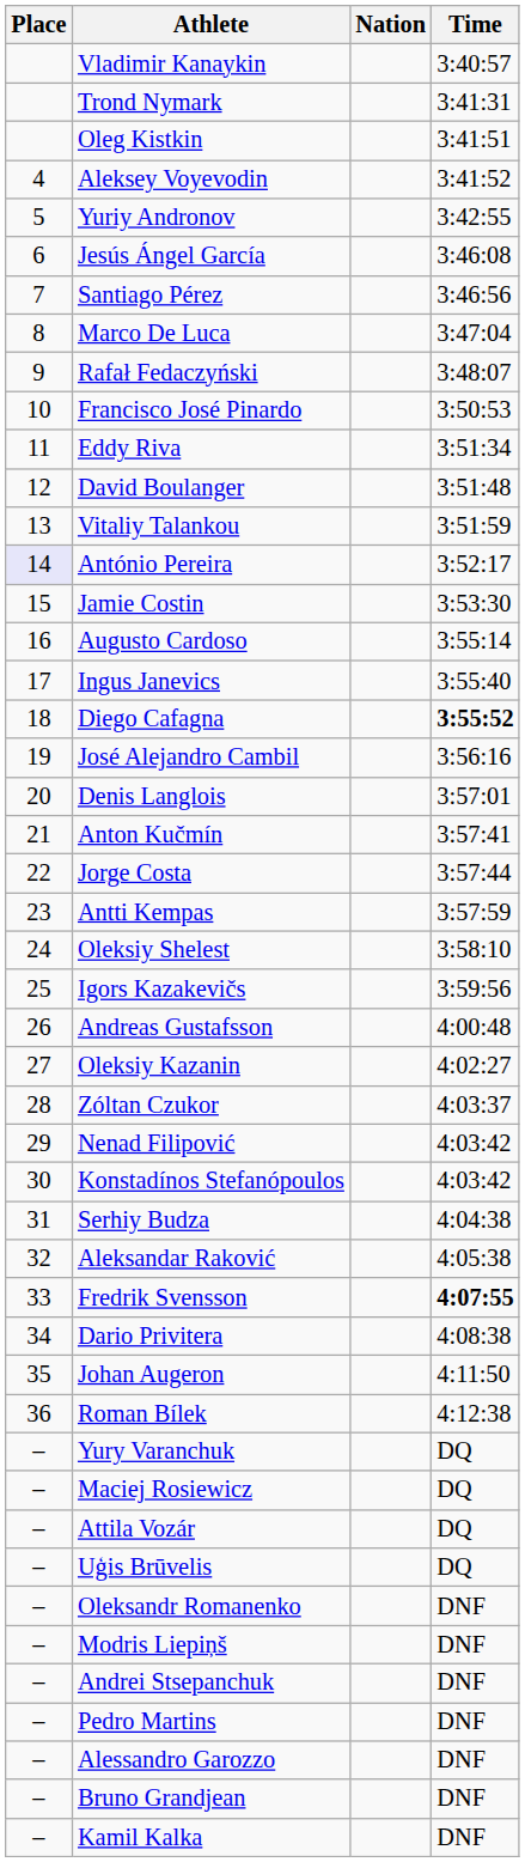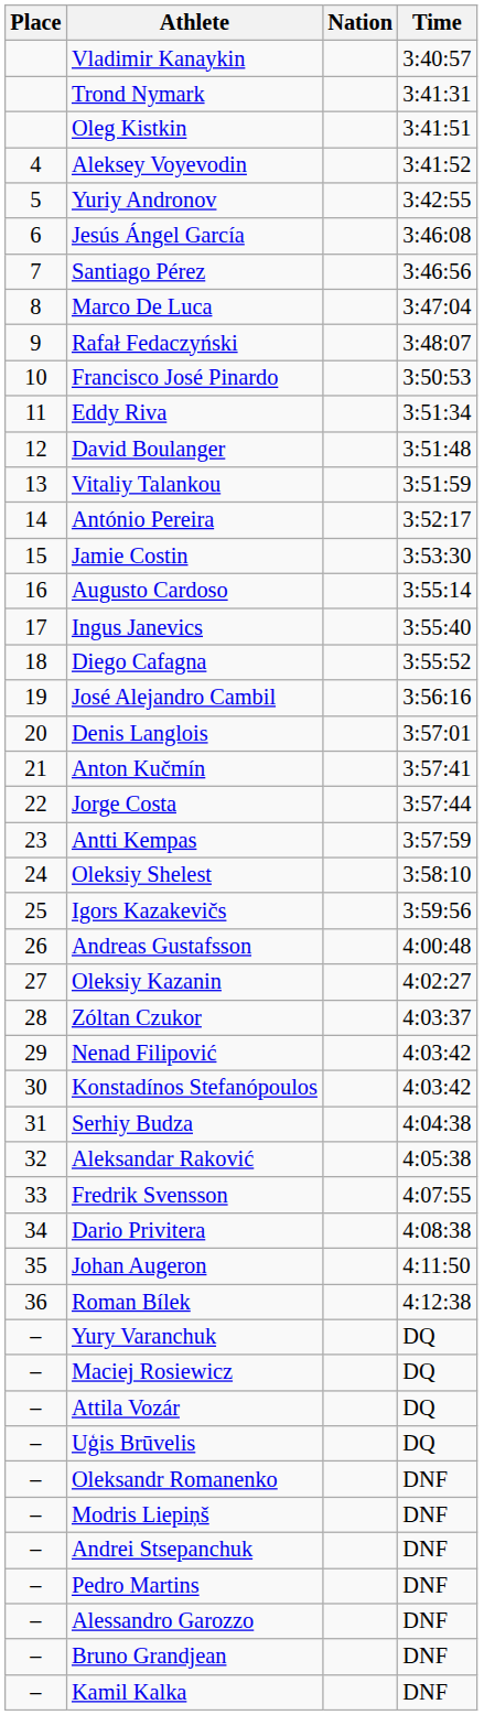 <table class=wikitable>
 <tr>
 <th>Place</th>
 <th>Athlete</th>
 <th>Nation</th>
 <th>Time</th>
 </tr>
 <tr>
 <td align=center></td>
 <td><a href='#'>Vladimir Kanaykin</a></td>
 <td></td>
 <td>3:40:57</td>
 </tr>
 <tr>
 <td align=center></td>
 <td><a href='#'>Trond Nymark</a></td>
 <td></td>
 <td>3:41:31</td>
 </tr>
 <tr>
 <td align=center></td>
 <td><a href='#'>Oleg Kistkin</a></td>
 <td></td>
 <td>3:41:51</td>
 </tr>
 <tr>
 <td align=center>4</td>
 <td><a href='#'>Aleksey Voyevodin</a></td>
 <td></td>
 <td>3:41:52</td>
 </tr>
 <tr>
 <td align=center>5</td>
 <td><a href='#'>Yuriy Andronov</a></td>
 <td></td>
 <td>3:42:55</td>
 </tr>
 <tr>
 <td align=center>6</td>
 <td><a href='#'>Jesús Ángel García</a></td>
 <td></td>
 <td>3:46:08</td>
 </tr>
 <tr>
 <td align=center>7</td>
 <td><a href='#'>Santiago Pérez</a></td>
 <td></td>
 <td>3:46:56</td>
 </tr>
 <tr>
 <td align=center>8</td>
 <td><a href='#'>Marco De Luca</a></td>
 <td></td>
 <td>3:47:04</td>
 </tr>
 <tr>
 <td align=center>9</td>
 <td><a href='#'>Rafał Fedaczyński</a></td>
 <td></td>
 <td>3:48:07</td>
 </tr>
 <tr>
 <td align=center>10</td>
 <td><a href='#'>Francisco José Pinardo</a></td>
 <td></td>
 <td>3:50:53</td>
 </tr>
 <tr>
 <td align=center>11</td>
 <td><a href='#'>Eddy Riva</a></td>
 <td></td>
 <td>3:51:34</td>
 </tr>
 <tr>
 <td align=center>12</td>
 <td><a href='#'>David Boulanger</a></td>
 <td></td>
 <td>3:51:48</td>
 </tr>
 <tr>
 <td align=center>13</td>
 <td><a href='#'>Vitaliy Talankou</a></td>
 <td></td>
 <td>3:51:59</td>
 </tr>
 <tr>
-<td align=center style="background: lavender;">14</td>
+<td align=center>14</td>
 <td><a href='#'>António Pereira</a></td>
 <td></td>
 <td>3:52:17</td>
 </tr>
 <tr>
 <td align=center>15</td>
 <td><a href='#'>Jamie Costin</a></td>
 <td></td>
 <td>3:53:30</td>
 </tr>
 <tr>
 <td align=center>16</td>
 <td><a href='#'>Augusto Cardoso</a></td>
 <td></td>
 <td>3:55:14</td>
 </tr>
 <tr>
 <td align=center>17</td>
 <td><a href='#'>Ingus Janevics</a></td>
 <td></td>
 <td>3:55:40</td>
 </tr>
 <tr>
 <td align=center>18</td>
 <td><a href='#'>Diego Cafagna</a></td>
 <td></td>
-<td><strong>3:55:52</strong></td>
+<td>3:55:52</td>
 </tr>
 <tr>
 <td align=center>19</td>
 <td><a href='#'>José Alejandro Cambil</a></td>
 <td></td>
 <td>3:56:16</td>
 </tr>
 <tr>
 <td align=center>20</td>
 <td><a href='#'>Denis Langlois</a></td>
 <td></td>
 <td>3:57:01</td>
 </tr>
 <tr>
 <td align=center>21</td>
 <td><a href='#'>Anton Kučmín</a></td>
 <td></td>
 <td>3:57:41</td>
 </tr>
 <tr>
 <td align=center>22</td>
 <td><a href='#'>Jorge Costa</a></td>
 <td></td>
 <td>3:57:44</td>
 </tr>
 <tr>
 <td align=center>23</td>
 <td><a href='#'>Antti Kempas</a></td>
 <td></td>
 <td>3:57:59</td>
 </tr>
 <tr>
 <td align=center>24</td>
 <td><a href='#'>Oleksiy Shelest</a></td>
 <td></td>
 <td>3:58:10</td>
 </tr>
 <tr>
 <td align=center>25</td>
 <td><a href='#'>Igors Kazakevičs</a></td>
 <td></td>
 <td>3:59:56</td>
 </tr>
 <tr>
 <td align=center>26</td>
 <td><a href='#'>Andreas Gustafsson</a></td>
 <td></td>
 <td>4:00:48</td>
 </tr>
 <tr>
 <td align=center>27</td>
 <td><a href='#'>Oleksiy Kazanin</a></td>
 <td></td>
 <td>4:02:27</td>
 </tr>
 <tr>
 <td align=center>28</td>
 <td><a href='#'>Zóltan Czukor</a></td>
 <td></td>
 <td>4:03:37</td>
 </tr>
 <tr>
 <td align=center>29</td>
 <td><a href='#'>Nenad Filipović</a></td>
 <td></td>
 <td>4:03:42</td>
 </tr>
 <tr>
 <td align=center>30</td>
 <td><a href='#'>Konstadínos Stefanópoulos</a></td>
 <td></td>
 <td>4:03:42</td>
 </tr>
 <tr>
 <td align=center>31</td>
 <td><a href='#'>Serhiy Budza</a></td>
 <td></td>
 <td>4:04:38</td>
 </tr>
 <tr>
 <td align=center>32</td>
 <td><a href='#'>Aleksandar Raković</a></td>
 <td></td>
 <td>4:05:38</td>
 </tr>
 <tr>
 <td align=center>33</td>
 <td><a href='#'>Fredrik Svensson</a></td>
 <td></td>
-<td><strong>4:07:55</strong></td>
+<td>4:07:55</td>
 </tr>
 <tr>
 <td align=center>34</td>
 <td><a href='#'>Dario Privitera</a></td>
 <td></td>
 <td>4:08:38</td>
 </tr>
 <tr>
 <td align=center>35</td>
 <td><a href='#'>Johan Augeron</a></td>
 <td></td>
 <td>4:11:50</td>
 </tr>
 <tr>
 <td align=center>36</td>
 <td><a href='#'>Roman Bílek</a></td>
 <td></td>
 <td>4:12:38</td>
 </tr>
 <tr>
 <td align=center>–</td>
 <td><a href='#'>Yury Varanchuk</a></td>
 <td></td>
 <td>DQ</td>
 </tr>
 <tr>
 <td align=center>–</td>
 <td><a href='#'>Maciej Rosiewicz</a></td>
 <td></td>
 <td>DQ</td>
 </tr>
 <tr>
 <td align=center>–</td>
 <td><a href='#'>Attila Vozár</a></td>
 <td></td>
 <td>DQ</td>
 </tr>
 <tr>
 <td align=center>–</td>
 <td><a href='#'>Uģis Brūvelis</a></td>
 <td></td>
 <td>DQ</td>
 </tr>
 <tr>
 <td align=center>–</td>
 <td><a href='#'>Oleksandr Romanenko</a></td>
 <td></td>
 <td>DNF</td>
 </tr>
 <tr>
 <td align=center>–</td>
 <td><a href='#'>Modris Liepiņš</a></td>
 <td></td>
 <td>DNF</td>
 </tr>
 <tr>
 <td align=center>–</td>
 <td><a href='#'>Andrei Stsepanchuk</a></td>
 <td></td>
 <td>DNF</td>
 </tr>
 <tr>
 <td align=center>–</td>
 <td><a href='#'>Pedro Martins</a></td>
 <td></td>
 <td>DNF</td>
 </tr>
 <tr>
 <td align=center>–</td>
 <td><a href='#'>Alessandro Garozzo</a></td>
 <td></td>
 <td>DNF</td>
 </tr>
 <tr>
 <td align=center>–</td>
 <td><a href='#'>Bruno Grandjean</a></td>
 <td></td>
 <td>DNF</td>
 </tr>
 <tr>
 <td align=center>–</td>
 <td><a href='#'>Kamil Kalka</a></td>
 <td></td>
 <td>DNF</td>
 </tr>
 </table>
